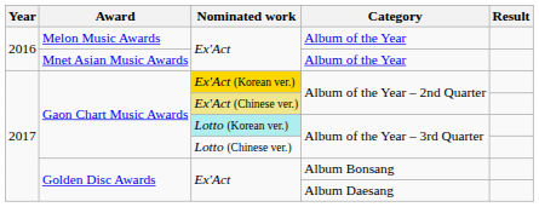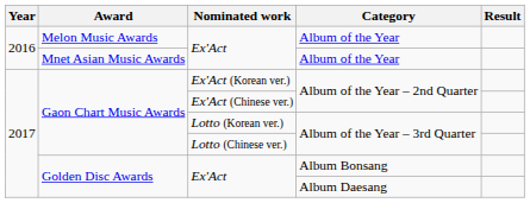 <table class="wikitable">
 <tr>
 <th>Year</th>
 <th>Award</th>
 <th>Nominated work</th>
 <th>Category</th>
 <th>Result</th>
 </tr>
 <tr>
 <td rowspan="2">2016</td>
 <td><a href='#'>Melon Music Awards</a></td>
 <td rowspan="2"><em>Ex'Act</em></td>
 <td><a href='#'>Album of the Year</a></td>
 <td></td>
 </tr>
 <tr>
 <td><a href='#'>Mnet Asian Music Awards</a></td>
 <td><a href='#'>Album of the Year</a></td>
 <td></td>
 </tr>
 <tr>
 <td rowspan="6">2017</td>
 <td rowspan="4"><a href='#'>Gaon Chart Music Awards</a></td>
-<td style="background: gold;"><em>Ex'Act</em> <small>(Korean ver.)</small></td>
+<td><em>Ex'Act</em> <small>(Korean ver.)</small></td>
 <td rowspan="2">Album of the Year – 2nd Quarter</td>
 <td></td>
 </tr>
 <tr>
-<td style="background: khaki;"><em>Ex'Act</em> <small>(Chinese ver.)</small></td>
+<td><em>Ex'Act</em> <small>(Chinese ver.)</small></td>
 <td></td>
 </tr>
 <tr>
-<td style="background: paleturquoise;"><em>Lotto</em> <small>(Korean ver.)</small></td>
+<td><em>Lotto</em> <small>(Korean ver.)</small></td>
 <td rowspan="2">Album of the Year – 3rd Quarter</td>
 <td></td>
 </tr>
 <tr>
 <td><em>Lotto</em> <small>(Chinese ver.)</small></td>
 <td></td>
 </tr>
 <tr>
 <td rowspan="2"><a href='#'>Golden Disc Awards</a></td>
 <td rowspan="2"><em>Ex'Act</em></td>
 <td>Album Bonsang</td>
 <td></td>
 </tr>
 <tr>
 <td>Album Daesang</td>
 <td></td>
 </tr>
 </table>
